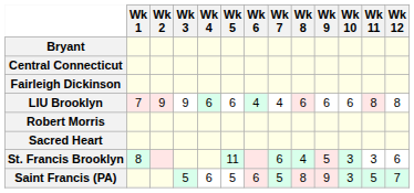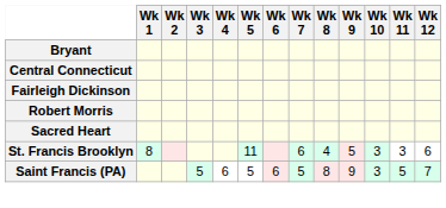 <table class="wikitable" style="white-space:nowrap;font-size:90%;">
 <tr>
 <th style="background:white; border-top-style:hidden; border-left-style:hidden;"> </th>
 <th>Wk<br>1</th>
 <th>Wk<br>2</th>
 <th>Wk<br>3</th>
 <th>Wk<br>4</th>
 <th>Wk<br>5</th>
 <th>Wk<br>6</th>
 <th>Wk<br>7</th>
 <th>Wk<br>8</th>
 <th>Wk<br>9</th>
 <th>Wk<br>10</th>
 <th>Wk<br>11</th>
 <th>Wk<br>12</th>
 </tr>
 <tr style="text-align:center;">
 <th style="background:#">Bryant</th>
 <td style="background:#FFFFE6;"></td>
 <td style="background:#FFFFE6;"></td>
 <td style="background:#FFFFE6;"></td>
 <td style="background:#FFFFE6;"></td>
 <td style="background:#FFFFE6;"></td>
 <td style="background:#FFFFE6;"></td>
 <td style="background:#FFFFE6;"></td>
 <td style="background:#FFFFE6;"></td>
 <td style="background:#FFFFE6;"></td>
 <td style="background:#FFFFE6;"></td>
 <td style="background:#FFFFE6;"></td>
 <td style="background:#FFFFE6;"></td>
 </tr>
 <tr style="text-align:center;">
 <th style="background:#">Central Connecticut</th>
 <td style="background:#FFFFE6;"></td>
 <td style="background:#FFFFE6;"></td>
 <td style="background:#FFFFE6;"></td>
 <td style="background:#FFFFE6;"></td>
 <td style="background:#FFFFE6;"></td>
 <td style="background:#FFFFE6;"></td>
 <td style="background:#FFFFE6;"></td>
 <td style="background:#FFFFE6;"></td>
 <td style="background:#FFFFE6;"></td>
 <td style="background:#FFFFE6;"></td>
 <td style="background:#FFFFE6;"></td>
 <td style="background:#FFFFE6;"></td>
 </tr>
 <tr style="text-align:center;">
 <th style="background:#">Fairleigh Dickinson</th>
 <td style="background:#FFFFE6;"></td>
 <td style="background:#FFFFE6;"></td>
 <td style="background:#FFFFE6;"></td>
 <td style="background:#FFFFE6;"></td>
 <td style="background:#FFFFE6;"></td>
 <td style="background:#FFFFE6;"></td>
 <td style="background:#FFFFE6;"></td>
 <td style="background:#FFFFE6;"></td>
 <td style="background:#FFFFE6;"></td>
 <td style="background:#FFFFE6;"></td>
 <td style="background:#FFFFE6;"></td>
 <td style="background:#FFFFE6;"></td>
 </tr>
 <tr style="text-align:center;">
-<th style="background:#">LIU Brooklyn</th>
-<td style="background:#FFE6E6;">7</td>
-<td style="background:#FFE6E6;">9</td>
-<td style="background:#FFF;">9</td>
-<td style="background:#D8FFEB;">6</td>
-<td style="background:#FFF;">6</td>
-<td style="background:#D8FFEB;">4</td>
-<td style="background:#FFF;">4</td>
-<td style="background:#FFE6E6;">6</td>
-<td style="background:#FFF;">6</td>
-<td style="background:#FFF;">6</td>
-<td style="background:#FFE6E6;">8</td>
-<td style="background:#FFF;">8</td>
-</tr>
-<tr style="text-align:center;">
 <th style="background:#">Robert Morris</th>
 <td style="background:#FFFFE6;"></td>
 <td style="background:#FFFFE6;"></td>
 <td style="background:#FFFFE6;"></td>
 <td style="background:#FFFFE6;"></td>
 <td style="background:#FFFFE6;"></td>
 <td style="background:#FFFFE6;"></td>
 <td style="background:#FFFFE6;"></td>
 <td style="background:#FFFFE6;"></td>
 <td style="background:#FFFFE6;"></td>
 <td style="background:#FFFFE6;"></td>
 <td style="background:#FFFFE6;"></td>
 <td style="background:#FFFFE6;"></td>
 </tr>
 <tr style="text-align:center;">
 <th style="background:#">Sacred Heart</th>
 <td style="background:#FFFFE6;"></td>
 <td style="background:#FFFFE6;"></td>
 <td style="background:#FFFFE6;"></td>
 <td style="background:#FFFFE6;"></td>
 <td style="background:#FFFFE6;"></td>
 <td style="background:#FFFFE6;"></td>
 <td style="background:#FFFFE6;"></td>
 <td style="background:#FFFFE6;"></td>
 <td style="background:#FFFFE6;"></td>
 <td style="background:#FFFFE6;"></td>
 <td style="background:#FFFFE6;"></td>
 <td style="background:#FFFFE6;"></td>
 </tr>
 <tr style="text-align:center;">
 <th style="background:#">St. Francis Brooklyn</th>
 <td style="background:#D8FFEB;">8</td>
 <td style="background:#FFE6E6;"></td>
 <td style="background:#FFFFE6;"></td>
 <td style="background:#FFFFE6;"></td>
 <td style="background:#D8FFEB;">11</td>
 <td style="background:#FFE6E6;"></td>
 <td style="background:#D8FFEB;">6</td>
 <td style="background:#D8FFEB;">4</td>
 <td style="background:#FFE6E6;">5</td>
 <td style="background:#D8FFEB;">3</td>
 <td style="background:#FFF;">3</td>
 <td style="background:#FFF;">6</td>
 </tr>
 <tr style="text-align:center;">
 <th style="background:#">Saint Francis (PA)</th>
 <td style="background:#FFFFE6;"></td>
 <td style="background:#FFFFE6;"></td>
 <td style="background:#D8FFEB;">5</td>
 <td style="background:#FFF;">6</td>
 <td style="background:#FFF;">5</td>
 <td style="background:#FFE6E6;">6</td>
 <td style="background:#D8FFEB;">5</td>
 <td style="background:#FFE6E6;">8</td>
 <td style="background:#FFE6E6;">9</td>
 <td style="background:#D8FFEB;">3</td>
 <td style="background:#D8FFEB;">5</td>
 <td style="background:#D8FFEB;">7</td>
 </tr>
 </table>
